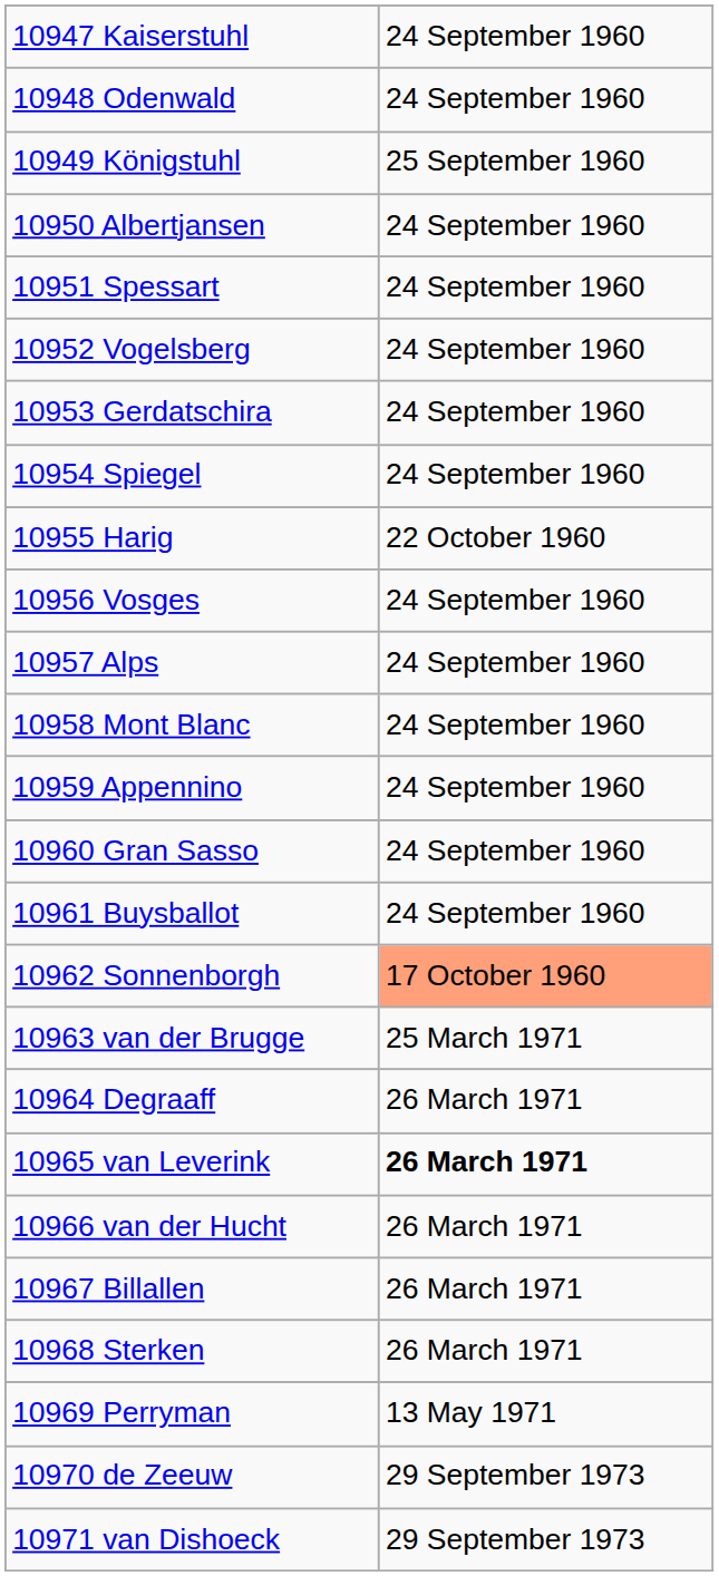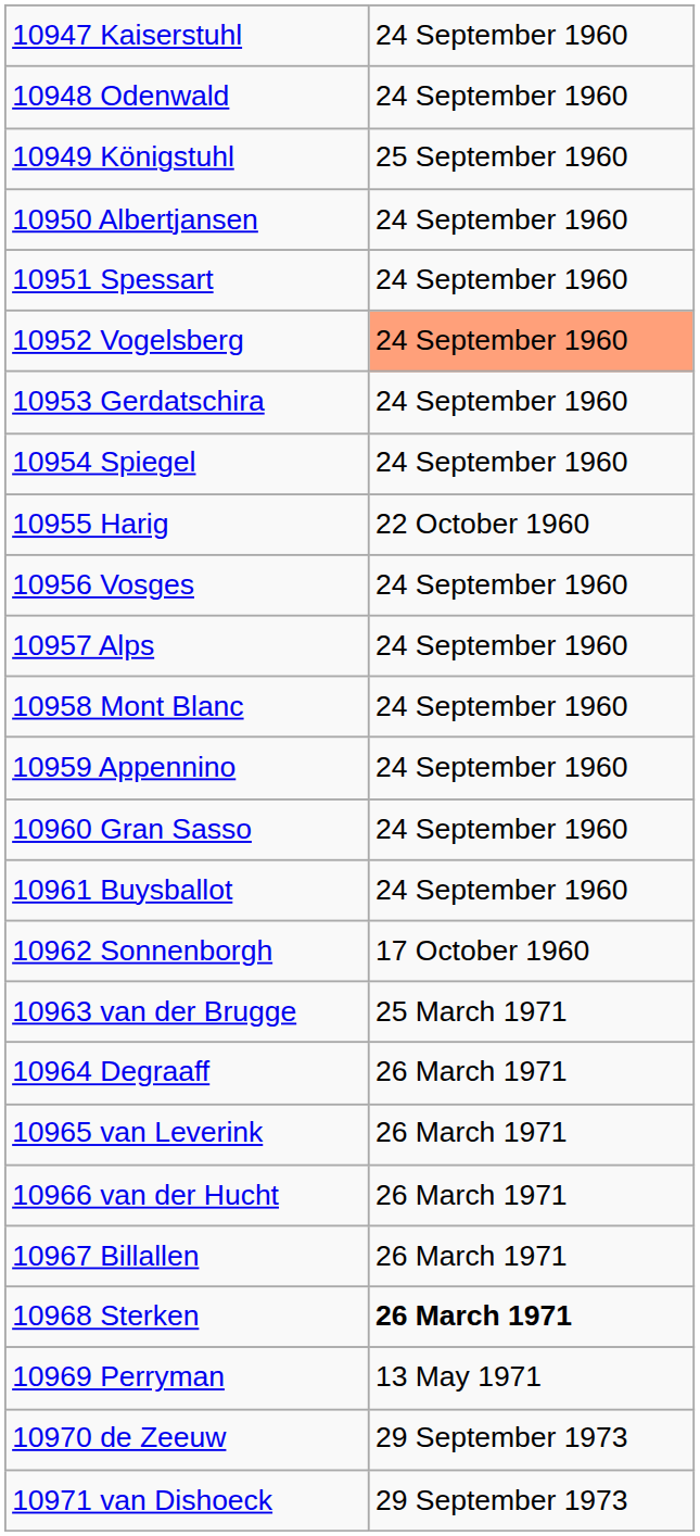 <table class="wikitable" style="font-size: 89%; float: left; width: 24em; margin-right: 1em; line-height: 1.65em">
 <tr>
 <td><a href='#'>10947 Kaiserstuhl</a></td>
 <td>24 September 1960</td>
 </tr>
 <tr>
 <td><a href='#'>10948 Odenwald</a></td>
 <td>24 September 1960</td>
 </tr>
 <tr>
 <td><a href='#'>10949 Königstuhl</a></td>
 <td>25 September 1960</td>
 </tr>
 <tr>
 <td><a href='#'>10950 Albertjansen</a></td>
 <td>24 September 1960</td>
 </tr>
 <tr>
 <td><a href='#'>10951 Spessart</a></td>
 <td>24 September 1960</td>
 </tr>
 <tr>
 <td><a href='#'>10952 Vogelsberg</a></td>
-<td>24 September 1960</td>
+<td style="background: lightsalmon;">24 September 1960</td>
 </tr>
 <tr>
 <td><a href='#'>10953 Gerdatschira</a></td>
 <td>24 September 1960</td>
 </tr>
 <tr>
 <td><a href='#'>10954 Spiegel</a></td>
 <td>24 September 1960</td>
 </tr>
 <tr>
 <td><a href='#'>10955 Harig</a></td>
 <td>22 October 1960</td>
 </tr>
 <tr>
 <td><a href='#'>10956 Vosges</a></td>
 <td>24 September 1960</td>
 </tr>
 <tr>
 <td><a href='#'>10957 Alps</a></td>
 <td>24 September 1960</td>
 </tr>
 <tr>
 <td><a href='#'>10958 Mont Blanc</a></td>
 <td>24 September 1960</td>
 </tr>
 <tr>
 <td><a href='#'>10959 Appennino</a></td>
 <td>24 September 1960</td>
 </tr>
 <tr>
 <td><a href='#'>10960 Gran Sasso</a></td>
 <td>24 September 1960</td>
 </tr>
 <tr>
 <td><a href='#'>10961 Buysballot</a></td>
 <td>24 September 1960</td>
 </tr>
 <tr>
 <td><a href='#'>10962 Sonnenborgh</a></td>
-<td style="background: lightsalmon;">17 October 1960</td>
+<td>17 October 1960</td>
 </tr>
 <tr>
 <td><a href='#'>10963 van der Brugge</a></td>
 <td>25 March 1971</td>
 </tr>
 <tr>
 <td><a href='#'>10964 Degraaff</a></td>
 <td>26 March 1971</td>
 </tr>
 <tr>
 <td><a href='#'>10965 van Leverink</a></td>
-<td><strong>26 March 1971</strong></td>
+<td>26 March 1971</td>
 </tr>
 <tr>
 <td><a href='#'>10966 van der Hucht</a></td>
 <td>26 March 1971</td>
 </tr>
 <tr>
 <td><a href='#'>10967 Billallen</a></td>
 <td>26 March 1971</td>
 </tr>
 <tr>
 <td><a href='#'>10968 Sterken</a></td>
-<td>26 March 1971</td>
+<td><strong>26 March 1971</strong></td>
 </tr>
 <tr>
 <td><a href='#'>10969 Perryman</a></td>
 <td>13 May 1971</td>
 </tr>
 <tr>
 <td><a href='#'>10970 de Zeeuw</a></td>
 <td>29 September 1973</td>
 </tr>
 <tr>
 <td><a href='#'>10971 van Dishoeck</a></td>
 <td>29 September 1973</td>
 </tr>
 </table>
